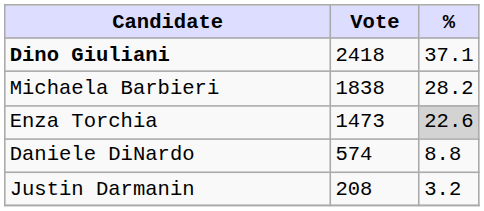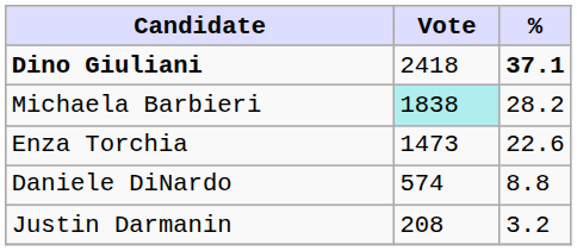 <table class="wikitable">
 <tr>
 <th style="background:#ddf; width:200px;">Candidate</th>
 <th style="background:#ddf; width:50px;">Vote</th>
 <th style="background:#ddf; width:30px;">%</th>
 </tr>
 <tr>
 <td><strong>Dino Giuliani</strong></td>
 <td>2418</td>
-<td>37.1</td>
+<td><strong>37.1</strong></td>
 </tr>
 <tr>
 <td>Michaela Barbieri</td>
-<td>1838</td>
+<td style="background: paleturquoise;">1838</td>
 <td>28.2</td>
 </tr>
 <tr>
 <td>Enza Torchia</td>
 <td>1473</td>
-<td style="background: lightgrey;">22.6</td>
+<td>22.6</td>
 </tr>
 <tr>
 <td>Daniele DiNardo</td>
 <td>574</td>
 <td>8.8</td>
 </tr>
 <tr>
 <td>Justin Darmanin</td>
 <td>208</td>
 <td>3.2</td>
 </tr>
 <tr>
 </tr>
 </table>
